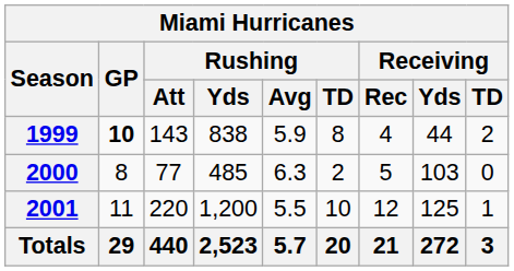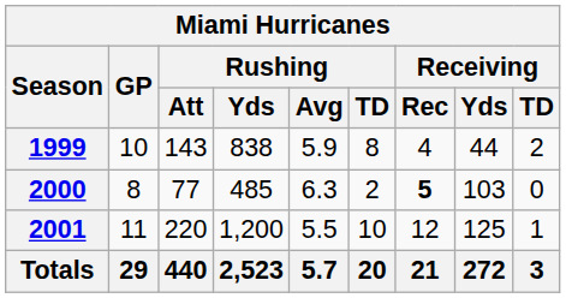 <table class="wikitable" style="text-align:center;">
 <tr>
 <th colspan="11">Miami Hurricanes</th>
 </tr>
 <tr>
 <th rowspan="2">Season</th>
 <th rowspan="2">GP</th>
 <th colspan="4">Rushing</th>
 <th colspan="3">Receiving</th>
 </tr>
 <tr>
 <th>Att</th>
 <th>Yds</th>
 <th>Avg</th>
 <th>TD</th>
 <th>Rec</th>
 <th>Yds</th>
 <th>TD</th>
 </tr>
 <tr>
 <th><a href='#'>1999</a></th>
-<td><strong>10</strong></td>
+<td>10</td>
 <td>143</td>
 <td>838</td>
 <td>5.9</td>
 <td>8</td>
 <td>4</td>
 <td>44</td>
 <td>2</td>
 </tr>
 <tr>
 <th><a href='#'>2000</a></th>
 <td>8</td>
 <td>77</td>
 <td>485</td>
 <td>6.3</td>
 <td>2</td>
-<td>5</td>
+<td><strong>5</strong></td>
 <td>103</td>
 <td>0</td>
 </tr>
 <tr>
 <th><a href='#'>2001</a></th>
 <td>11</td>
 <td>220</td>
 <td>1,200</td>
 <td>5.5</td>
 <td>10</td>
 <td>12</td>
 <td>125</td>
 <td>1</td>
 </tr>
 <tr>
 <th>Totals</th>
 <th>29</th>
 <th>440</th>
 <th>2,523</th>
 <th>5.7</th>
 <th>20</th>
 <th>21</th>
 <th>272</th>
 <th>3</th>
 </tr>
 </table>
